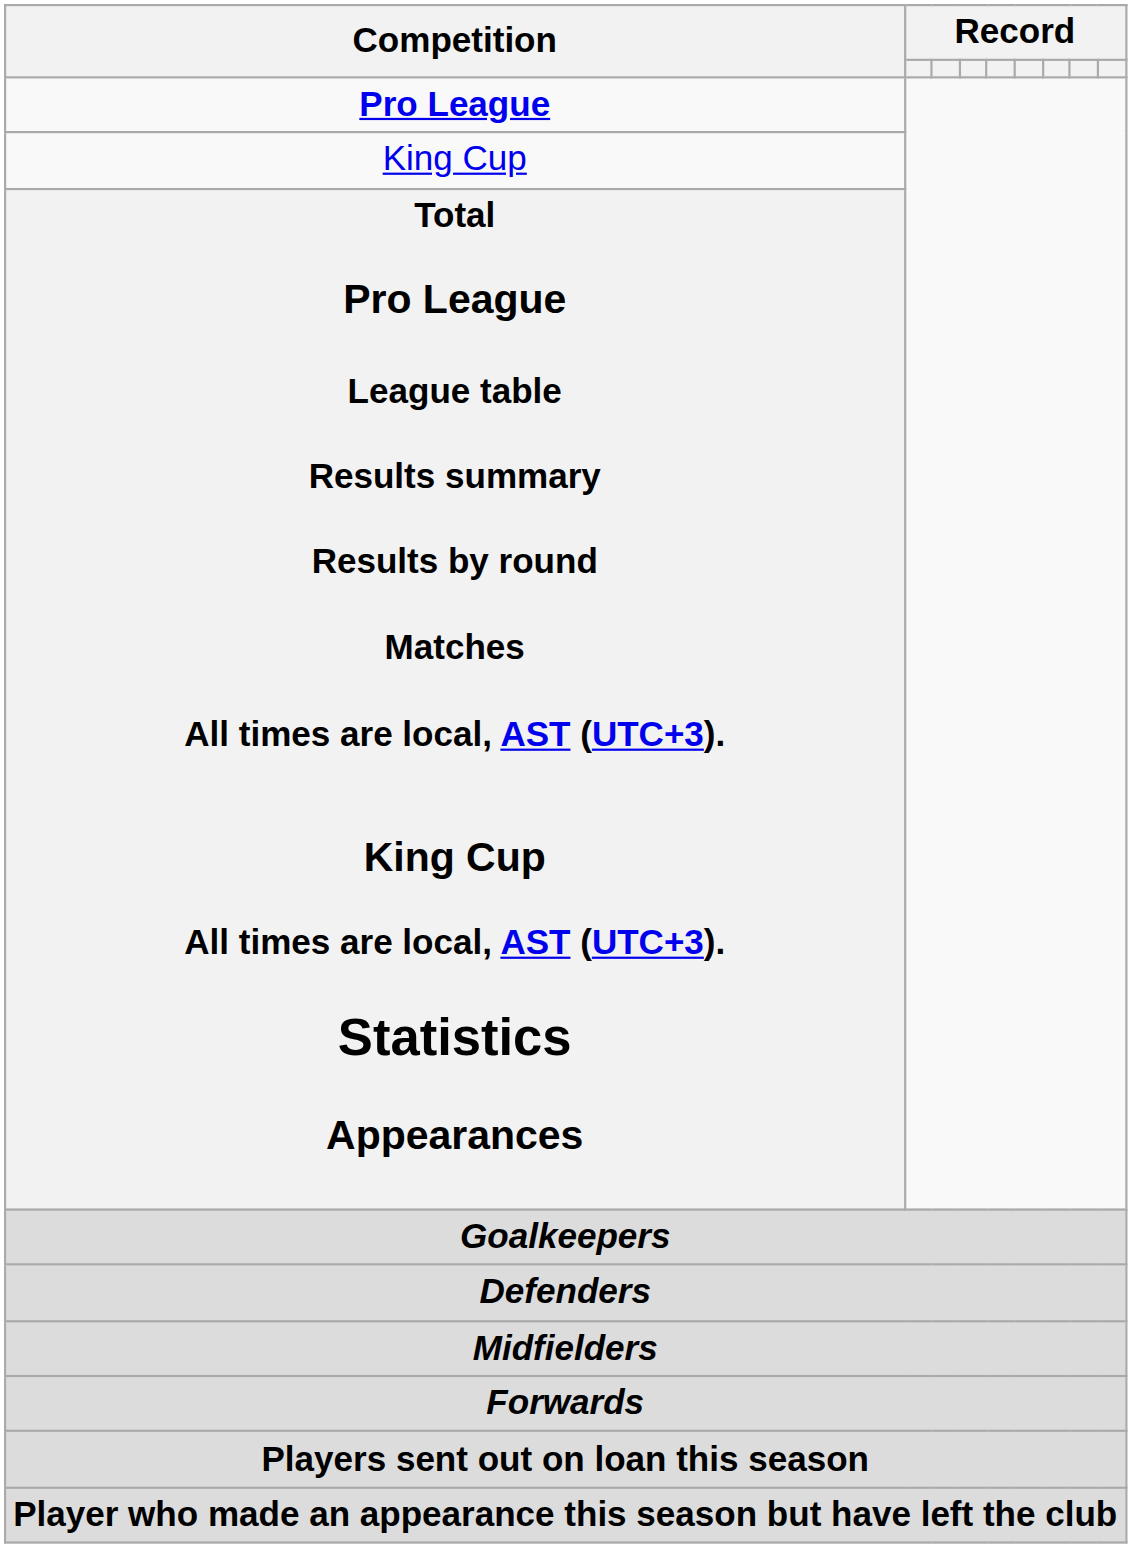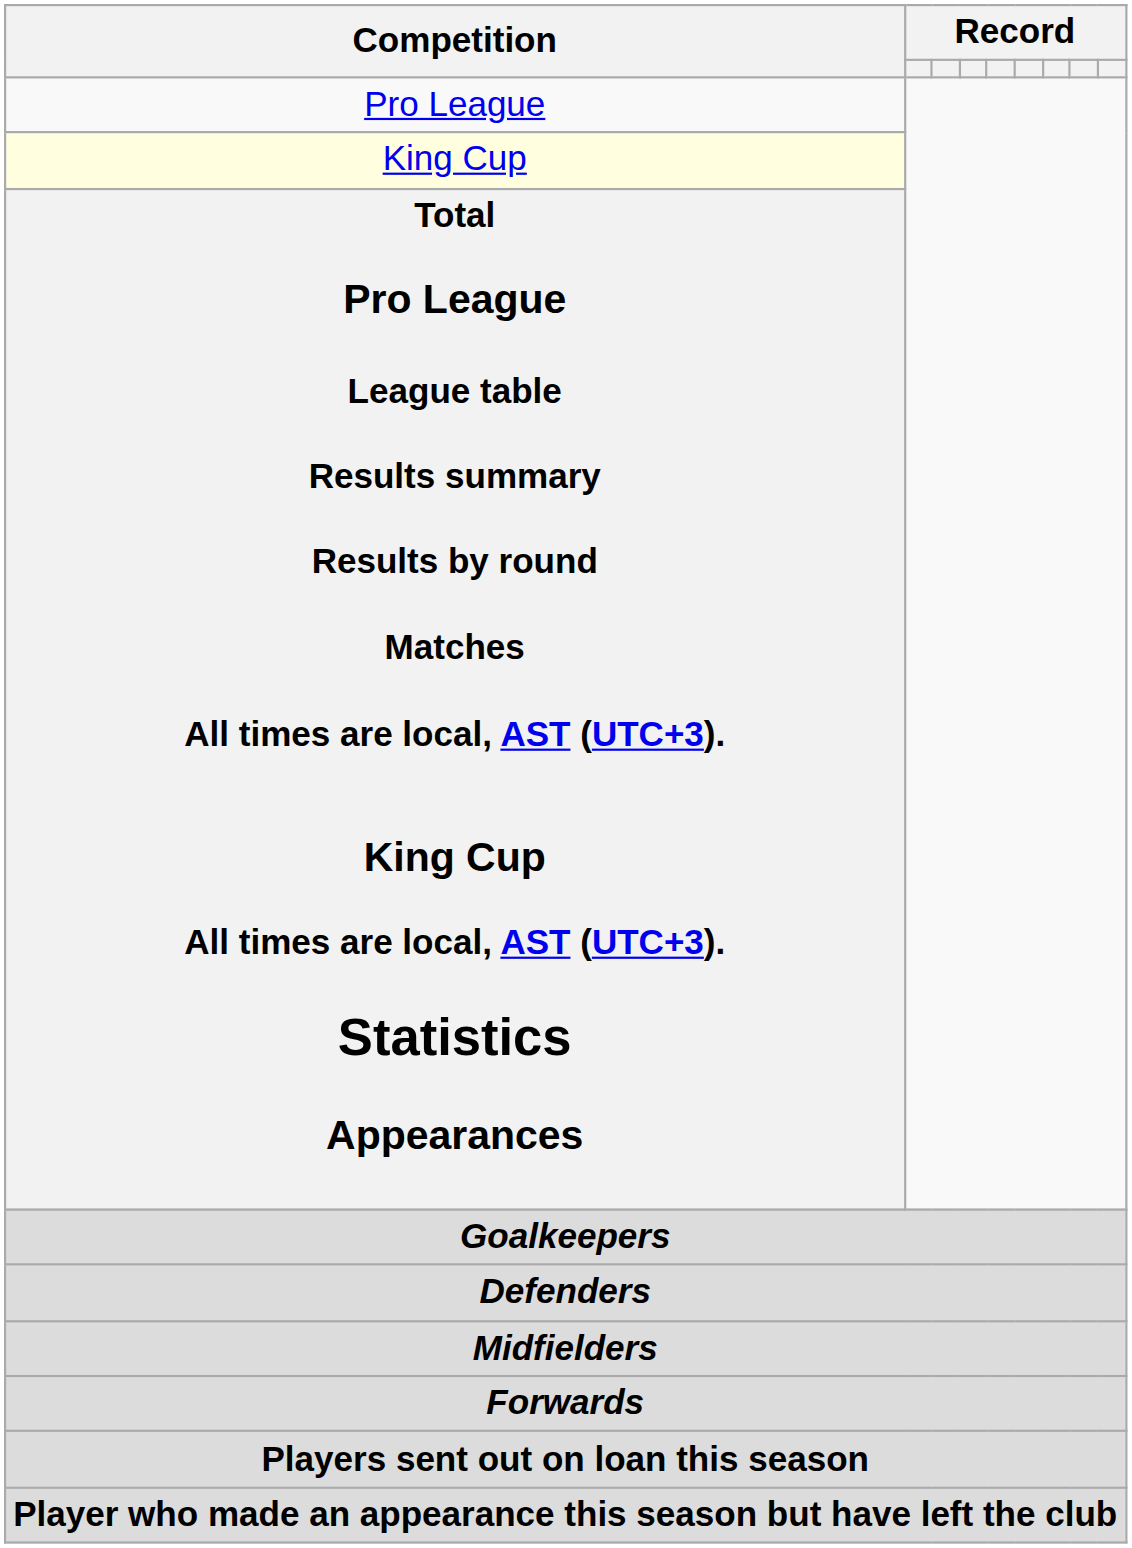 <table class="wikitable" style="text-align: center">
 <tr>
 <th rowspan=2>Competition</th>
 <th colspan=8>Record</th>
 </tr>
 <tr>
 <th></th>
 <th></th>
 <th></th>
 <th></th>
 <th></th>
 <th></th>
 <th></th>
 <th></th>
 </tr>
 <tr>
-<td><strong><a href='#'>Pro League</a><br></strong></td>
+<td><a href='#'>Pro League</a><br></td>
 </tr>
 <tr>
-<td><a href='#'>King Cup</a><br></td>
+<td style="background: lightyellow;"><a href='#'>King Cup</a><br></td>
 </tr>
 <tr>
 <th>Total<br> <h3>Pro League</h3><h4>League table</h4><h4>Results summary</h4> <h4>Results by round</h4><h4>Matches</h4>All times are local, <a href='#'>AST</a> (<a href='#'>UTC+3</a>).<br>   <br>                             <h3>King Cup</h3> All times are local, <a href='#'>AST</a> (<a href='#'>UTC+3</a>).<br><h2>Statistics</h2><h3>Appearances</h3></th>
 </tr>
 <tr>
 <th colspan=10 style=background:#dcdcdc; text-align:center><em>Goalkeepers</em><br>  </th>
 </tr>
 <tr>
 <th colspan=10 style=background:#dcdcdc; text-align:center><em>Defenders</em><br>         </th>
 </tr>
 <tr>
 <th colspan=10 style=background:#dcdcdc; text-align:center><em>Midfielders</em><br>              </th>
 </tr>
 <tr>
 <th colspan=10 style=background:#dcdcdc; text-align:center><em>Forwards</em><br>     </th>
 </tr>
 <tr>
 <th colspan=14 style=background:#dcdcdc; text-align:center>Players sent out on loan this season<br>  </th>
 </tr>
 <tr>
 <th colspan=18 style=background:#dcdcdc; text-align:center>Player who made an appearance this season but have left the club<br>       </th>
 </tr>
 </table>
